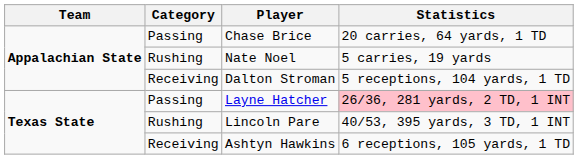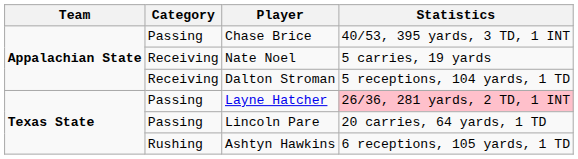 <table class="wikitable" style="float: right;">
 <tr>
 <th>Team</th>
 <th>Category</th>
 <th>Player</th>
 <th>Statistics</th>
 </tr>
 <tr>
 <td rowspan=3><strong>Appalachian State</strong></td>
 <td>Passing</td>
 <td>Chase Brice</td>
-<td>20 carries, 64 yards, 1 TD</td>
+<td>40/53, 395 yards, 3 TD, 1 INT</td>
 </tr>
 <tr>
-<td>Rushing</td>
+<td>Receiving</td>
 <td>Nate Noel</td>
 <td>5 carries, 19 yards</td>
 </tr>
 <tr>
 <td>Receiving</td>
 <td>Dalton Stroman</td>
 <td>5 receptions, 104 yards, 1 TD</td>
 </tr>
 <tr>
 <td rowspan=3><strong>Texas State</strong></td>
 <td>Passing</td>
 <td><a href='#'>Layne Hatcher</a></td>
 <td style="background: pink;">26/36, 281 yards, 2 TD, 1 INT</td>
 </tr>
 <tr>
-<td>Rushing</td>
+<td>Passing</td>
 <td>Lincoln Pare</td>
-<td>40/53, 395 yards, 3 TD, 1 INT</td>
+<td>20 carries, 64 yards, 1 TD</td>
 </tr>
 <tr>
-<td>Receiving</td>
+<td>Rushing</td>
 <td>Ashtyn Hawkins</td>
 <td>6 receptions, 105 yards, 1 TD</td>
 </tr>
 </table>
